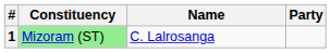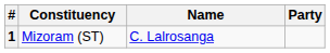 <table class="wikitable sortable">
 <tr>
 <th>#</th>
 <th style="width:120px">Constituency</th>
 <th style="width:180px">Name</th>
 <th colspan=2>Party</th>
 </tr>
 <tr>
 <th>1</th>
-<td style="background: lightgreen;"><a href='#'>Mizoram</a> (ST)</td>
+<td><a href='#'>Mizoram</a> (ST)</td>
 <td><a href='#'>C. Lalrosanga</a></td>
 <td></td>
 </tr>
 </table>
